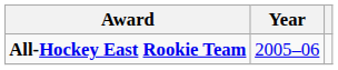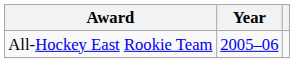 <table class="wikitable">
 <tr>
 <th>Award</th>
 <th>Year</th>
 <th></th>
 </tr>
 <tr>
-<td><strong>All-<a href='#'>Hockey East</a> <a href='#'>Rookie Team</a></strong></td>
+<td>All-<a href='#'>Hockey East</a> <a href='#'>Rookie Team</a></td>
 <td><a href='#'>2005–06</a></td>
 <td></td>
 </tr>
 <tr>
 </tr>
 </table>
